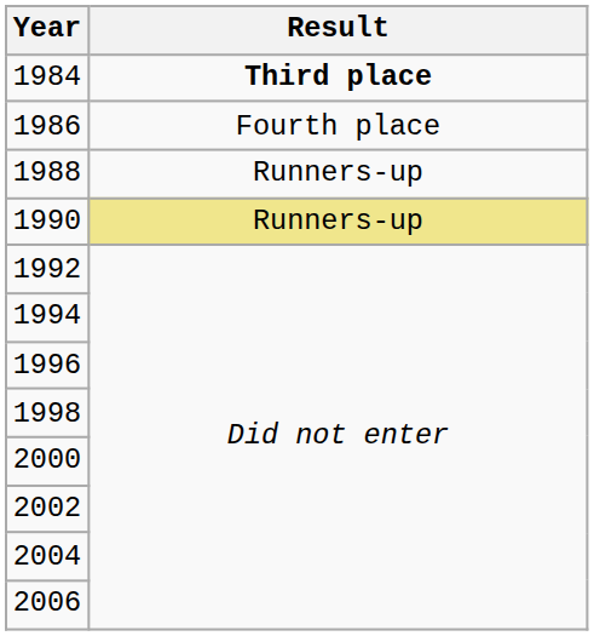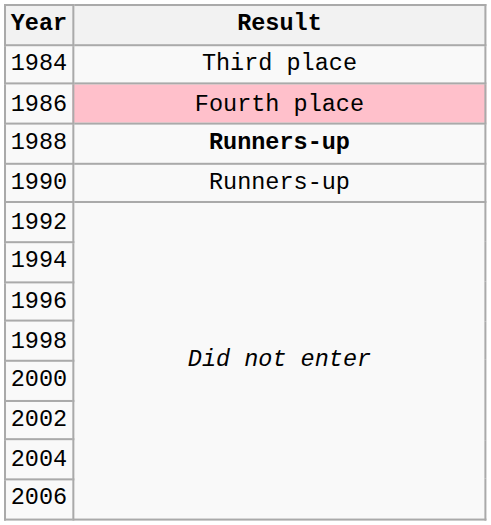 <table class="wikitable" style="text-align: center; font-size:90%">
 <tr>
 <th>Year</th>
 <th style="width:200px">Result</th>
 </tr>
 <tr>
 <td> 1984</td>
-<td><strong> Third place</strong></td>
+<td> Third place</td>
 </tr>
 <tr>
 <td> 1986</td>
-<td>Fourth place</td>
+<td style="background: pink;">Fourth place</td>
 </tr>
 <tr>
 <td> 1988</td>
-<td> Runners-up</td>
+<td><strong> Runners-up</strong></td>
 </tr>
 <tr>
 <td> 1990</td>
-<td style="background: khaki;"> Runners-up</td>
+<td> Runners-up</td>
 </tr>
 <tr>
 <td> 1992</td>
 <td rowspan="8"><em>Did not enter</em></td>
 </tr>
 <tr>
 <td> 1994</td>
 </tr>
 <tr>
 <td> 1996</td>
 </tr>
 <tr>
 <td> 1998</td>
 </tr>
 <tr>
 <td> 2000</td>
 </tr>
 <tr>
 <td> 2002</td>
 </tr>
 <tr>
 <td> 2004</td>
 </tr>
 <tr>
 <td> 2006</td>
 </tr>
 </table>
